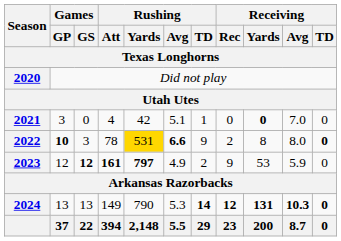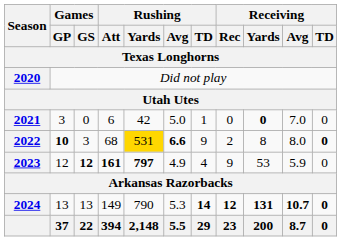 <table class="wikitable" style="text-align:center;">
 <tr>
 <th rowspan="2">Season</th>
 <th colspan="2">Games</th>
 <th colspan="4">Rushing</th>
 <th colspan="4">Receiving</th>
 </tr>
 <tr>
 <th>GP</th>
 <th>GS</th>
 <th>Att</th>
 <th>Yards</th>
 <th>Avg</th>
 <th>TD</th>
 <th>Rec</th>
 <th>Yards</th>
 <th>Avg</th>
 <th>TD</th>
 </tr>
 <tr>
 <th colspan="15">Texas Longhorns</th>
 </tr>
 <tr>
 <th><a href='#'>2020</a></th>
 <td colspan="12"><em>Did not play</em></td>
 </tr>
 <tr>
 <th colspan="15">Utah Utes</th>
 </tr>
 <tr>
 <th><a href='#'>2021</a></th>
 <td>3</td>
 <td>0</td>
-<td>4</td>
+<td>6</td>
 <td>42</td>
-<td>5.1</td>
+<td>5.0</td>
 <td>1</td>
 <td>0</td>
 <td><strong>0</strong></td>
 <td>7.0</td>
 <td>0</td>
 </tr>
 <tr>
 <th><a href='#'>2022</a></th>
 <td><strong>10</strong></td>
 <td>3</td>
-<td>78</td>
+<td>68</td>
 <td style="background: gold;">531</td>
 <td><strong>6.6</strong></td>
 <td>9</td>
 <td>2</td>
 <td>8</td>
 <td>8.0</td>
 <td><strong>0</strong></td>
 </tr>
 <tr>
 <th><a href='#'>2023</a></th>
 <td>12</td>
 <td><strong>12</strong></td>
 <td><strong>161</strong></td>
 <td><strong>797</strong></td>
 <td>4.9</td>
-<td>2</td>
+<td>4</td>
 <td>9</td>
 <td>53</td>
 <td>5.9</td>
 <td>0</td>
 </tr>
 <tr>
 <th colspan="15">Arkansas Razorbacks</th>
 </tr>
 <tr>
 <th><a href='#'>2024</a></th>
 <td>13</td>
 <td>13</td>
 <td>149</td>
 <td>790</td>
 <td>5.3</td>
 <td><strong>14</strong></td>
 <td><strong>12</strong></td>
 <td><strong>131</strong></td>
-<td><strong>10.3</strong></td>
+<td><strong>10.7</strong></td>
 <td><strong>0</strong></td>
 </tr>
 <tr>
 <th></th>
 <th>37</th>
 <th>22</th>
 <th>394</th>
 <th>2,148</th>
 <th>5.5</th>
 <th>29</th>
 <th>23</th>
 <th>200</th>
 <th>8.7</th>
 <th>0</th>
 </tr>
 </table>
